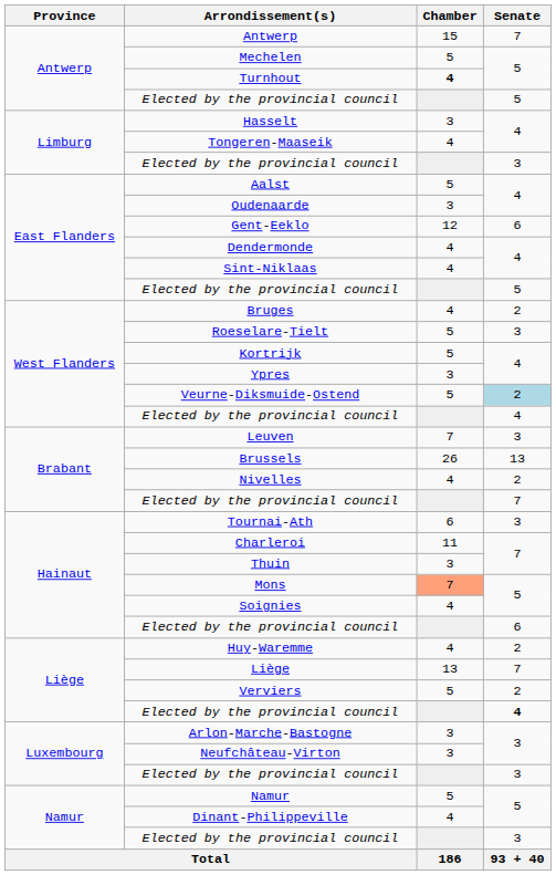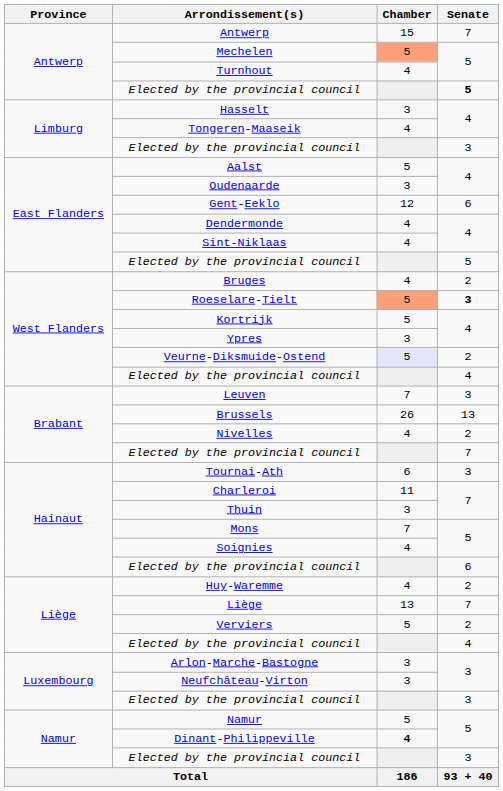 <table class="wikitable" style="text-align:center; width:550px;">
 <tr>
 <th>Province</th>
 <th>Arrondissement(s)</th>
 <th>Chamber</th>
 <th>Senate</th>
 </tr>
 <tr>
 <td rowspan="4"><a href='#'>Antwerp</a></td>
 <td><a href='#'>Antwerp</a></td>
 <td>15</td>
 <td>7</td>
 </tr>
 <tr>
 <td><a href='#'>Mechelen</a></td>
-<td>5</td>
+<td style="background: lightsalmon;">5</td>
 <td rowspan="2">5</td>
 </tr>
 <tr>
 <td><a href='#'>Turnhout</a></td>
-<td><strong>4</strong></td>
+<td>4</td>
 </tr>
 <tr>
 <td><em>Elected by the provincial council</em></td>
 <td style="background-color:#EFEFEF;"></td>
-<td>5</td>
+<td><strong>5</strong></td>
 </tr>
 <tr>
 <td rowspan="3"><a href='#'>Limburg</a></td>
 <td><a href='#'>Hasselt</a></td>
 <td>3</td>
 <td rowspan="2">4</td>
 </tr>
 <tr>
 <td><a href='#'>Tongeren</a>-<a href='#'>Maaseik</a></td>
 <td>4</td>
 </tr>
 <tr>
 <td><em>Elected by the provincial council</em></td>
 <td style="background-color:#EFEFEF;"></td>
 <td>3</td>
 </tr>
 <tr>
 <td rowspan="6"><a href='#'>East Flanders</a></td>
 <td><a href='#'>Aalst</a></td>
 <td>5</td>
 <td rowspan="2">4</td>
 </tr>
 <tr>
 <td><a href='#'>Oudenaarde</a></td>
 <td>3</td>
 </tr>
 <tr>
 <td><a href='#'>Gent</a>-<a href='#'>Eeklo</a></td>
 <td>12</td>
 <td>6</td>
 </tr>
 <tr>
 <td><a href='#'>Dendermonde</a></td>
 <td>4</td>
 <td rowspan="2">4</td>
 </tr>
 <tr>
 <td><a href='#'>Sint-Niklaas</a></td>
 <td>4</td>
 </tr>
 <tr>
 <td><em>Elected by the provincial council</em></td>
 <td style="background-color:#EFEFEF;"></td>
 <td>5</td>
 </tr>
 <tr>
 <td rowspan="6"><a href='#'>West Flanders</a></td>
 <td><a href='#'>Bruges</a></td>
 <td>4</td>
 <td>2</td>
 </tr>
 <tr>
 <td><a href='#'>Roeselare</a>-<a href='#'>Tielt</a></td>
-<td>5</td>
-<td>3</td>
+<td style="background: lightsalmon;">5</td>
+<td><strong>3</strong></td>
 </tr>
 <tr>
 <td><a href='#'>Kortrijk</a></td>
 <td>5</td>
 <td rowspan="2">4</td>
 </tr>
 <tr>
 <td><a href='#'>Ypres</a></td>
 <td>3</td>
 </tr>
 <tr>
 <td><a href='#'>Veurne</a>-<a href='#'>Diksmuide</a>-<a href='#'>Ostend</a></td>
-<td>5</td>
-<td style="background: lightblue;">2</td>
+<td style="background: lavender;">5</td>
+<td>2</td>
 </tr>
 <tr>
 <td><em>Elected by the provincial council</em></td>
 <td style="background-color:#EFEFEF;"></td>
 <td>4</td>
 </tr>
 <tr>
 <td rowspan="4"><a href='#'>Brabant</a></td>
 <td><a href='#'>Leuven</a></td>
 <td>7</td>
 <td>3</td>
 </tr>
 <tr>
 <td><a href='#'>Brussels</a></td>
 <td>26</td>
 <td>13</td>
 </tr>
 <tr>
 <td><a href='#'>Nivelles</a></td>
 <td>4</td>
 <td>2</td>
 </tr>
 <tr>
 <td><em>Elected by the provincial council</em></td>
 <td style="background-color:#EFEFEF;"></td>
 <td>7</td>
 </tr>
 <tr>
 <td rowspan="6"><a href='#'>Hainaut</a></td>
 <td><a href='#'>Tournai</a>-<a href='#'>Ath</a></td>
 <td>6</td>
 <td>3</td>
 </tr>
 <tr>
 <td><a href='#'>Charleroi</a></td>
 <td>11</td>
 <td rowspan="2">7</td>
 </tr>
 <tr>
 <td><a href='#'>Thuin</a></td>
 <td>3</td>
 </tr>
 <tr>
 <td><a href='#'>Mons</a></td>
-<td style="background: lightsalmon;">7</td>
+<td>7</td>
 <td rowspan="2">5</td>
 </tr>
 <tr>
 <td><a href='#'>Soignies</a></td>
 <td>4</td>
 </tr>
 <tr>
 <td><em>Elected by the provincial council</em></td>
 <td style="background-color:#EFEFEF;"></td>
 <td>6</td>
 </tr>
 <tr>
 <td rowspan="4"><a href='#'>Liège</a></td>
 <td><a href='#'>Huy</a>-<a href='#'>Waremme</a></td>
 <td>4</td>
 <td>2</td>
 </tr>
 <tr>
 <td><a href='#'>Liège</a></td>
 <td>13</td>
 <td>7</td>
 </tr>
 <tr>
 <td><a href='#'>Verviers</a></td>
 <td>5</td>
 <td>2</td>
 </tr>
 <tr>
 <td><em>Elected by the provincial council</em></td>
 <td style="background-color:#EFEFEF;"></td>
-<td><strong>4</strong></td>
+<td>4</td>
 </tr>
 <tr>
 <td rowspan="3"><a href='#'>Luxembourg</a></td>
 <td><a href='#'>Arlon</a>-<a href='#'>Marche</a>-<a href='#'>Bastogne</a></td>
 <td>3</td>
 <td rowspan="2">3</td>
 </tr>
 <tr>
 <td><a href='#'>Neufchâteau</a>-<a href='#'>Virton</a></td>
 <td>3</td>
 </tr>
 <tr>
 <td><em>Elected by the provincial council</em></td>
 <td style="background-color:#EFEFEF;"></td>
 <td>3</td>
 </tr>
 <tr>
 <td rowspan="3"><a href='#'>Namur</a></td>
 <td><a href='#'>Namur</a></td>
 <td>5</td>
 <td rowspan="2">5</td>
 </tr>
 <tr>
 <td><a href='#'>Dinant</a>-<a href='#'>Philippeville</a></td>
-<td>4</td>
+<td><strong>4</strong></td>
 </tr>
 <tr>
 <td><em>Elected by the provincial council</em></td>
 <td style="background-color:#EFEFEF;"></td>
 <td>3</td>
 </tr>
 <tr>
 <th colspan="2">Total</th>
 <th>186</th>
 <th>93 + 40</th>
 </tr>
 </table>
